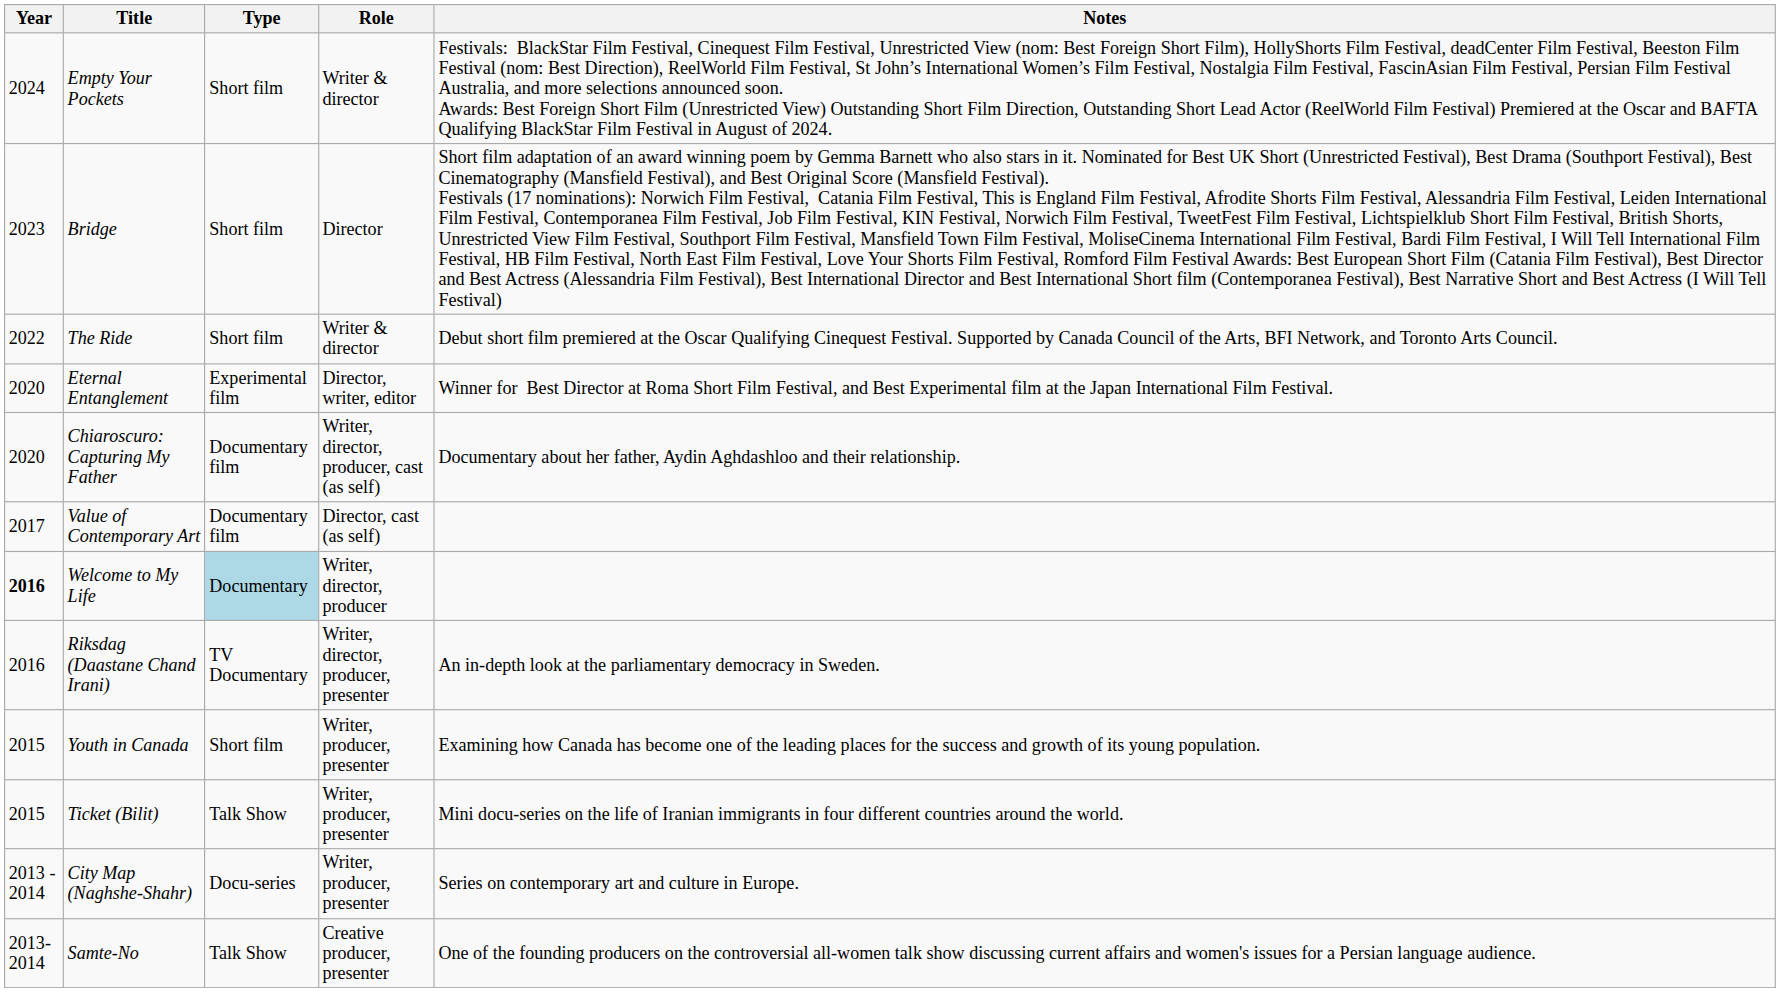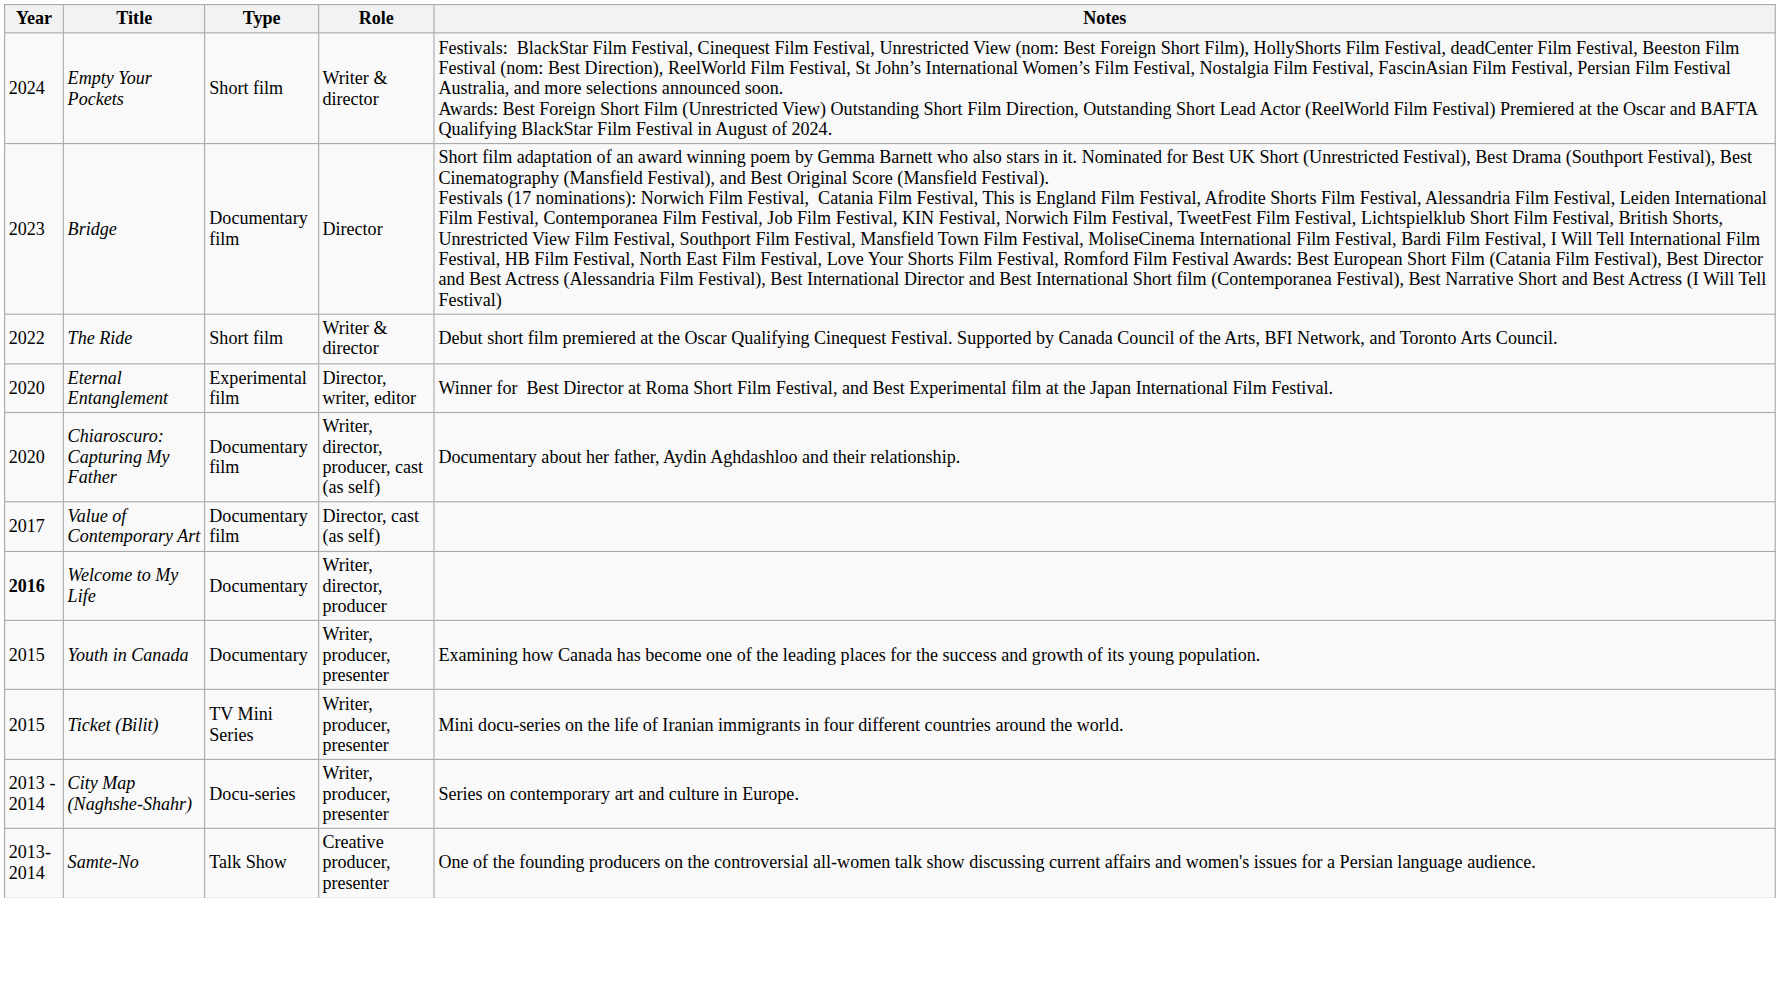 <table class="wikitable sortable">
 <tr>
 <th>Year</th>
 <th>Title</th>
 <th>Type</th>
 <th>Role</th>
 <th>Notes</th>
 </tr>
 <tr>
 <td>2024</td>
 <td><em>Empty Your Pockets</em></td>
 <td>Short film</td>
 <td>Writer & director</td>
 <td>Festivals:  BlackStar Film Festival, Cinequest Film Festival, Unrestricted View (nom: Best Foreign Short Film), HollyShorts Film Festival, deadCenter Film Festival, Beeston Film Festival (nom: Best Direction), ReelWorld Film Festival, St John’s International Women’s Film Festival, Nostalgia Film Festival, FascinAsian Film Festival, Persian Film Festival Australia, and more selections announced soon.<br>Awards: Best Foreign Short Film (Unrestricted View) Outstanding Short Film Direction, Outstanding Short Lead Actor (ReelWorld Film Festival) Premiered at the Oscar and BAFTA Qualifying BlackStar Film Festival in August of 2024.</td>
 </tr>
 <tr>
 <td>2023</td>
 <td><em>Bridge</em></td>
-<td>Short film</td>
+<td>Documentary film</td>
 <td>Director</td>
 <td>Short film adaptation of an award winning poem by Gemma Barnett who also stars in it. Nominated for Best UK Short (Unrestricted Festival), Best Drama (Southport Festival), Best Cinematography (Mansfield Festival), and Best Original Score (Mansfield Festival).<br>Festivals (17 nominations): Norwich Film Festival,  Catania Film Festival, This is England Film Festival, Afrodite Shorts Film Festival, Alessandria Film Festival, Leiden International Film Festival, Contemporanea Film Festival, Job Film Festival, KIN Festival, Norwich Film Festival, TweetFest Film Festival, Lichtspielklub Short Film Festival, British Shorts, Unrestricted View Film Festival, Southport Film Festival, Mansfield Town Film Festival, MoliseCinema International Film Festival, Bardi Film Festival, I Will Tell International Film Festival, HB Film Festival, North East Film Festival, Love Your Shorts Film Festival, Romford Film Festival  Awards: Best European Short Film (Catania Film Festival), Best Director and Best Actress (Alessandria Film Festival), Best International Director and Best International Short film (Contemporanea Festival), Best Narrative Short and Best Actress (I Will Tell Festival)</td>
 </tr>
 <tr>
 <td>2022</td>
 <td><em>The Ride</em></td>
 <td>Short film</td>
 <td>Writer & director</td>
 <td>Debut short film premiered at the Oscar Qualifying Cinequest Festival. Supported by Canada Council of the Arts, BFI Network, and Toronto Arts Council.</td>
 </tr>
 <tr>
 <td>2020</td>
 <td><em>Eternal Entanglement</em></td>
 <td>Experimental film</td>
 <td>Director, writer, editor</td>
 <td>Winner for  Best Director at Roma Short Film Festival, and Best Experimental film at the Japan International Film Festival.</td>
 </tr>
 <tr>
 <td>2020</td>
 <td><em>Chiaroscuro: Capturing My Father</em></td>
 <td>Documentary film</td>
 <td>Writer, director, producer, cast (as self)</td>
 <td>Documentary about her father, Aydin Aghdashloo and their relationship.</td>
 </tr>
 <tr>
 <td>2017</td>
 <td><em>Value of Contemporary Art</em></td>
 <td>Documentary film</td>
 <td>Director, cast (as self)</td>
 <td></td>
 </tr>
 <tr>
 <td><strong>2016</strong></td>
 <td><em>Welcome to My Life</em></td>
-<td style="background: lightblue;">Documentary</td>
+<td>Documentary</td>
 <td>Writer, director, producer</td>
 <td></td>
 </tr>
 <tr>
-<td>2016</td>
-<td><em>Riksdag (Daastane Chand Irani)</em></td>
-<td>TV Documentary</td>
-<td>Writer, director, producer, presenter</td>
-<td>An in-depth look at the parliamentary democracy in Sweden.</td>
-</tr>
-<tr>
 <td>2015</td>
 <td><em>Youth in Canada</em></td>
-<td>Short film</td>
+<td>Documentary</td>
 <td>Writer, producer, presenter</td>
 <td>Examining how Canada has become one of the leading places for the success and growth of its young population.</td>
 </tr>
 <tr>
 <td>2015</td>
 <td><em>Ticket (Bilit)</em></td>
-<td>Talk Show</td>
+<td>TV Mini Series</td>
 <td>Writer, producer, presenter</td>
 <td>Mini docu-series on the life of Iranian immigrants in four different countries around the world.</td>
 </tr>
 <tr>
 <td>2013 - 2014</td>
 <td><em>City Map (Naghshe-Shahr)</em></td>
 <td>Docu-series</td>
 <td>Writer, producer, presenter</td>
 <td>Series on contemporary art and culture in Europe.</td>
 </tr>
 <tr>
 <td>2013-2014</td>
 <td><em>Samte-No</em></td>
 <td>Talk Show</td>
 <td>Creative producer, presenter</td>
 <td>One of the founding producers on the controversial all-women talk show discussing current affairs and women's issues for a Persian language audience. </td>
 </tr>
 </table>
